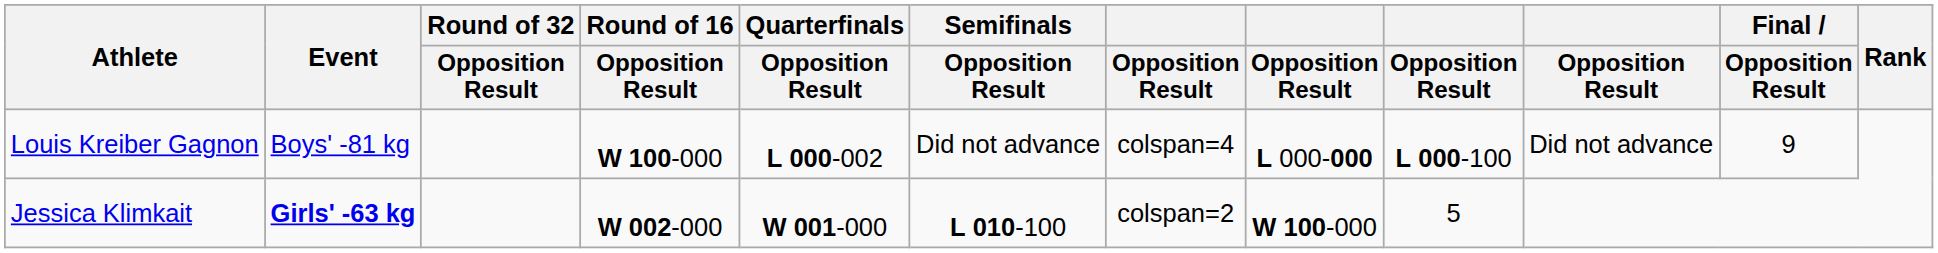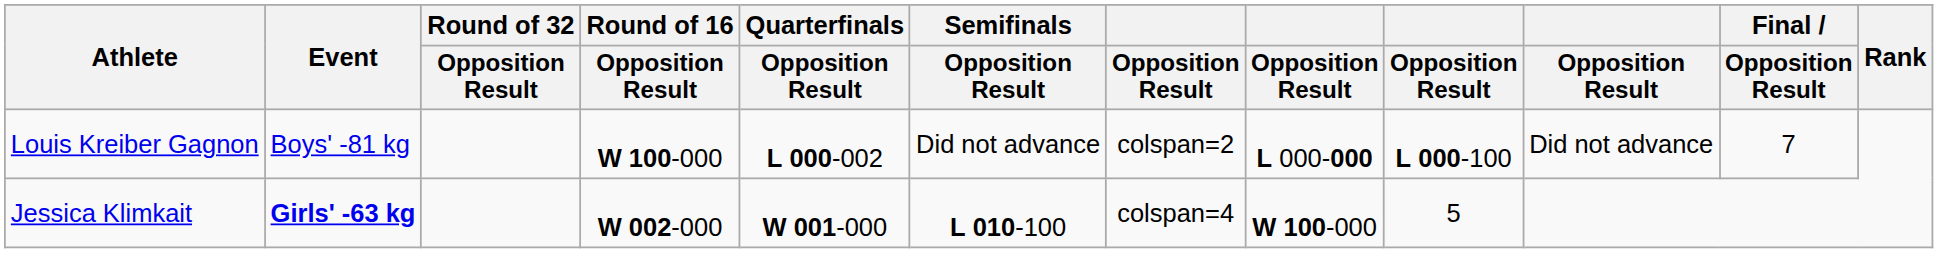 <table class="wikitable" style="font-size:90%">
 <tr>
 <th rowspan="2">Athlete</th>
 <th rowspan="2">Event</th>
 <th>Round of 32</th>
 <th>Round of 16</th>
 <th>Quarterfinals</th>
 <th>Semifinals</th>
 <th></th>
 <th></th>
 <th></th>
 <th></th>
 <th>Final / </th>
 <th rowspan=2>Rank</th>
 </tr>
 <tr style="font-size:95%">
 <th>Opposition<br>Result</th>
 <th>Opposition<br>Result</th>
 <th>Opposition<br>Result</th>
 <th>Opposition<br>Result</th>
 <th>Opposition<br>Result</th>
 <th>Opposition<br>Result</th>
 <th>Opposition<br>Result</th>
 <th>Opposition<br>Result</th>
 <th>Opposition<br>Result</th>
 </tr>
 <tr align=center>
 <td align=left><a href='#'>Louis Kreiber Gagnon</a></td>
 <td align=left><a href='#'>Boys' -81 kg</a></td>
 <td></td>
 <td><br><strong>W</strong> <strong>100</strong>-000</td>
 <td><br><strong>L</strong> <strong>000</strong>-002</td>
 <td>Did not advance</td>
-<td>colspan=4 </td>
+<td>colspan=2 </td>
 <td><br><strong>L</strong> 000-<strong>000</strong></td>
 <td><br><strong>L</strong> <strong>000</strong>-100</td>
 <td>Did not advance</td>
-<td>9</td>
+<td>7</td>
 </tr>
 <tr align=center>
 <td align=left><a href='#'>Jessica Klimkait</a></td>
 <td align=left><strong><a href='#'>Girls' -63 kg</a></strong></td>
 <td></td>
 <td><br><strong>W</strong> <strong>002</strong>-000</td>
 <td><br><strong>W</strong> <strong>001</strong>-000</td>
 <td><br><strong>L</strong> <strong>010</strong>-100</td>
-<td>colspan=2 </td>
+<td>colspan=4 </td>
 <td><br><strong>W</strong> <strong>100</strong>-000</td>
 <td>5</td>
 </tr>
 </table>
